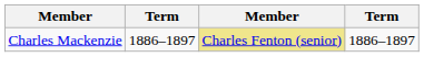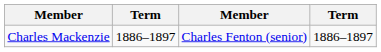 <table class="wikitable">
 <tr>
 <th>Member</th>
 <th>Term</th>
 <th>Member</th>
 <th>Term</th>
 </tr>
 <tr>
 <td><a href='#'>Charles Mackenzie</a></td>
 <td>1886–1897</td>
-<td style="background: khaki;"><a href='#'>Charles Fenton (senior)</a></td>
+<td><a href='#'>Charles Fenton (senior)</a></td>
 <td>1886–1897</td>
 </tr>
 </table>
